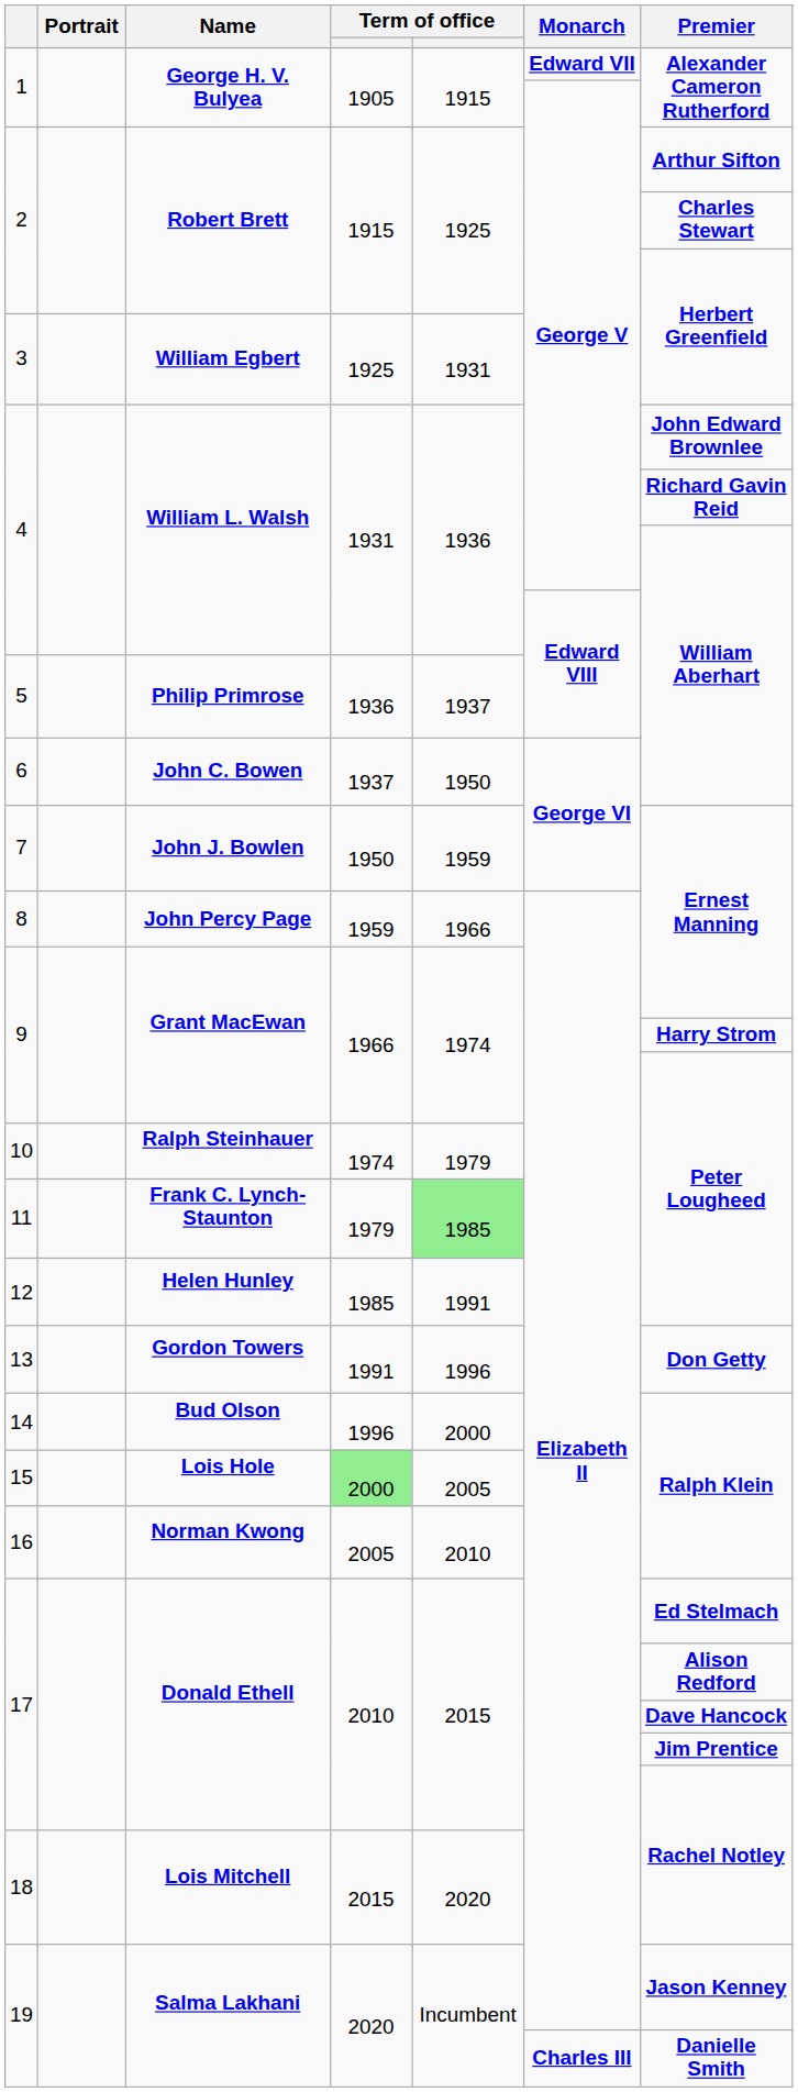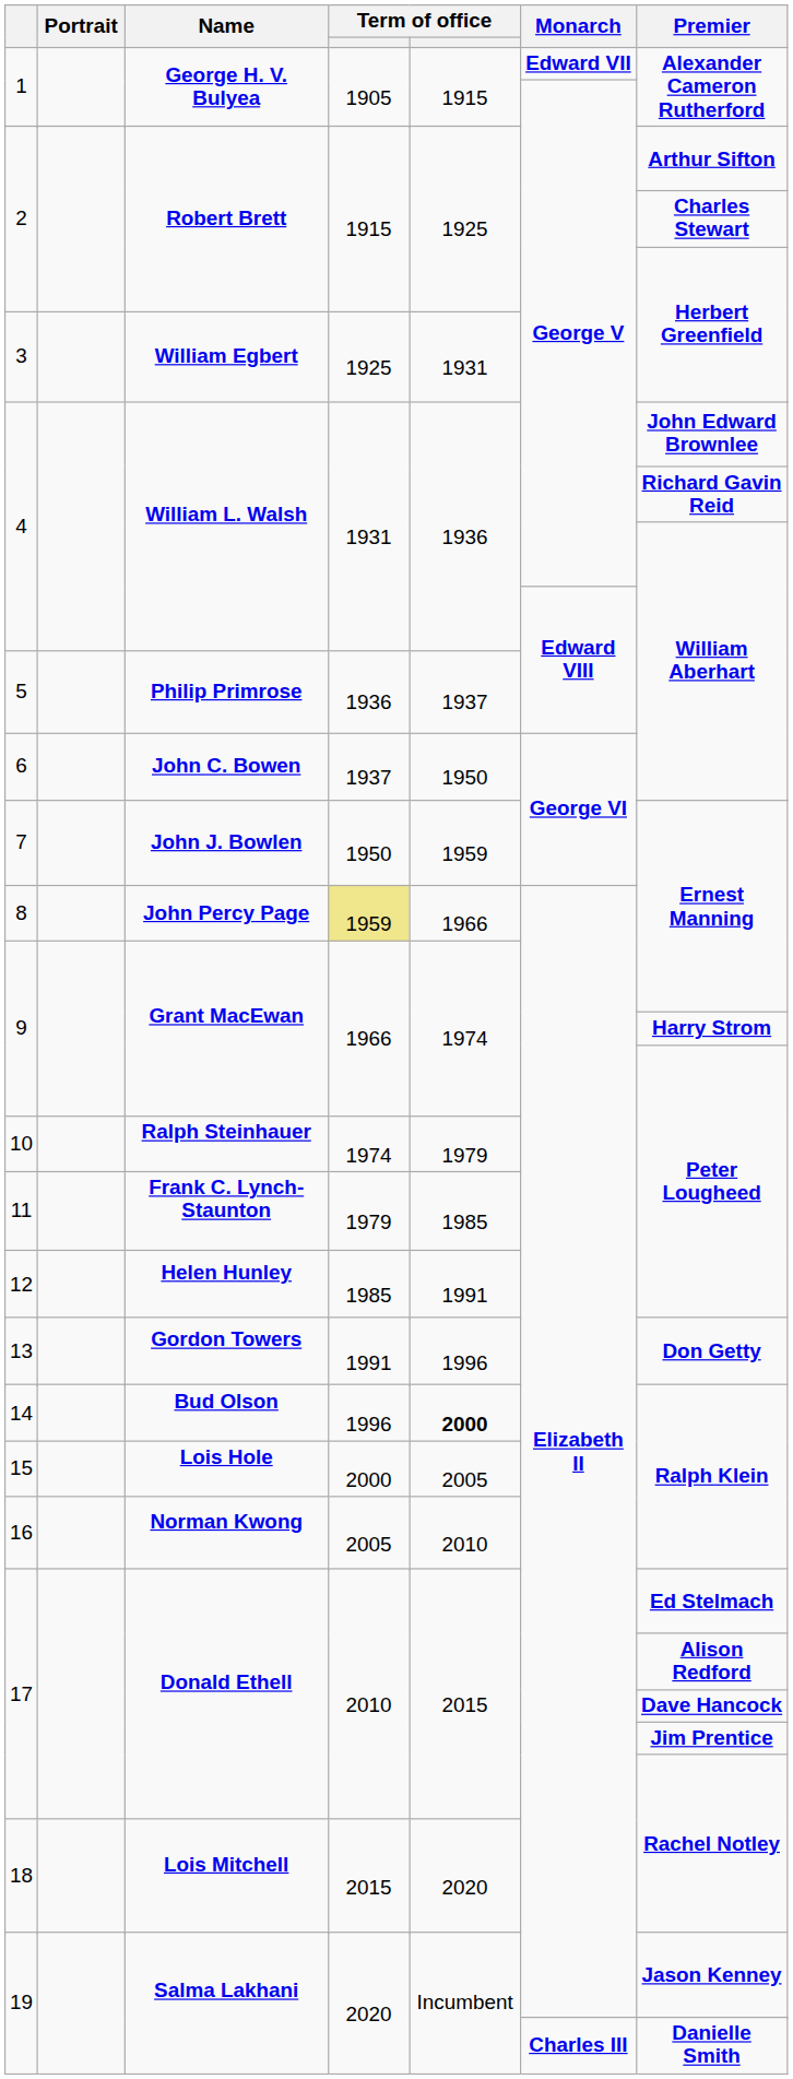 <table class="wikitable" style="text-align:center; border:1px #aaf solid;">
 <tr>
 <th rowspan="2"></th>
 <th rowspan="2" width="65">Portrait</th>
 <th rowspan="2" width="250">Name<br></th>
 <th colspan="2">Term of office</th>
 <th rowspan="2" width="100"><a href='#'>Monarch</a><br></th>
 <th rowspan="2" width="150"><a href='#'>Premier</a><br></th>
 </tr>
 <tr>
 <th width="85"></th>
 <th width="85"></th>
 </tr>
 <tr>
 <td rowspan="3">1</td>
 <td rowspan="3"></td>
 <td rowspan="3"><strong><a href='#'>George H. V. Bulyea</a></strong><br></td>
 <td rowspan="3"><br>1905</td>
 <td rowspan="3"><br>1915</td>
 <td><strong><a href='#'>Edward VII</a></strong><br></td>
 <td rowspan="2"><strong><a href='#'>Alexander Cameron Rutherford</a></strong><br></td>
 </tr>
 <tr>
 <td rowspan="10"><strong><a href='#'>George V</a></strong><br></td>
 </tr>
 <tr>
 <td rowspan="2"><strong><a href='#'>Arthur Sifton</a></strong><br></td>
 </tr>
 <tr style="height:50px;">
 <td rowspan="3">2</td>
 <td rowspan="3"></td>
 <td rowspan="3"><strong><a href='#'>Robert Brett</a></strong><br></td>
 <td rowspan="3"><br>1915</td>
 <td rowspan="3"><br>1925</td>
 </tr>
 <tr>
 <td><a href='#'><strong>Charles Stewart</strong></a><br></td>
 </tr>
 <tr style="height:50px;">
 <td rowspan="2"><strong><a href='#'>Herbert Greenfield</a></strong><br></td>
 </tr>
 <tr style="height:70px;">
 <td rowspan="2">3</td>
 <td rowspan="2"></td>
 <td rowspan="2"><strong><a href='#'>William Egbert</a></strong><br></td>
 <td rowspan="2"><br>1925</td>
 <td rowspan="2"><br>1931</td>
 </tr>
 <tr>
 <td rowspan="2"><strong><a href='#'>John Edward Brownlee</a></strong><br></td>
 </tr>
 <tr style="height:50px;">
 <td rowspan="4">4</td>
 <td rowspan="4"></td>
 <td rowspan="4"><strong><a href='#'>William L. Walsh</a></strong><br><br></td>
 <td rowspan="4"><br>1931</td>
 <td rowspan="4"><br>1936</td>
 </tr>
 <tr>
 <td><strong><a href='#'>Richard Gavin Reid</a></strong><br></td>
 </tr>
 <tr style="height:50px;">
 <td rowspan="5"><strong><a href='#'>William Aberhart</a></strong><br></td>
 </tr>
 <tr style="height:50px;">
 <td rowspan="2"><strong><a href='#'>Edward VIII</a></strong><br></td>
 </tr>
 <tr style="height:64px;">
 <td rowspan="2">5</td>
 <td rowspan="2"></td>
 <td rowspan="2"><strong><a href='#'>Philip Primrose</a></strong><br></td>
 <td rowspan="2"><br>1936</td>
 <td rowspan="2"><br>1937</td>
 </tr>
 <tr>
 <td rowspan="4"><strong><a href='#'>George VI</a></strong><br></td>
 </tr>
 <tr style="height:52px;">
 <td rowspan="2">6</td>
 <td rowspan="2"></td>
 <td rowspan="2"><strong><a href='#'>John C. Bowen</a></strong><br></td>
 <td rowspan="2"><br>1937</td>
 <td rowspan="2"><br>1950</td>
 </tr>
 <tr>
 <td rowspan="5"><strong><a href='#'>Ernest Manning</a></strong><br></td>
 </tr>
 <tr style="height:66px;">
 <td rowspan="2">7</td>
 <td rowspan="2"></td>
 <td rowspan="2"><strong><a href='#'>John J. Bowlen</a></strong><br></td>
 <td rowspan="2"><br>1950</td>
 <td rowspan="2"><br>1959</td>
 </tr>
 <tr>
 <td rowspan="23"><strong><a href='#'>Elizabeth II</a></strong><br></td>
 </tr>
 <tr>
 <td>8</td>
 <td></td>
 <td><strong><a href='#'>John Percy Page</a></strong><br></td>
-<td><br>1959</td>
+<td style="background: khaki;"><br>1959</td>
 <td><br>1966</td>
 </tr>
 <tr style="height:55px;">
 <td rowspan="3">9</td>
 <td rowspan="3"></td>
 <td rowspan="3"><strong><a href='#'>Grant MacEwan</a></strong><br><br></td>
 <td rowspan="3"><br>1966</td>
 <td rowspan="3"><br>1974</td>
 </tr>
 <tr>
 <td><strong><a href='#'>Harry Strom</a></strong><br></td>
 </tr>
 <tr style="height:55px;">
 <td rowspan="4"><strong><a href='#'>Peter Lougheed</a></strong><br></td>
 </tr>
 <tr>
 <td>10</td>
 <td></td>
 <td><strong><a href='#'>Ralph Steinhauer</a></strong><br><br></td>
 <td><br>1974</td>
 <td><br>1979</td>
 </tr>
 <tr>
 <td>11</td>
 <td></td>
 <td><strong><a href='#'>Frank C. Lynch-Staunton</a></strong><br><br></td>
 <td><br>1979</td>
-<td style="background: lightgreen;"><br>1985</td>
+<td><br>1985</td>
 </tr>
 <tr style="height:52px;">
 <td rowspan="2">12</td>
 <td rowspan="2"></td>
 <td rowspan="2"><strong><a href='#'>Helen Hunley</a></strong><br><br></td>
 <td rowspan="2"><br>1985</td>
 <td rowspan="2"><br>1991</td>
 </tr>
 <tr>
 <td rowspan="2"><strong><a href='#'>Don Getty</a></strong><br></td>
 </tr>
 <tr style="height:52px;">
 <td rowspan="2">13</td>
 <td rowspan="2"></td>
 <td rowspan="2"><strong><a href='#'>Gordon Towers</a></strong><br><br></td>
 <td rowspan="2"><br>1991</td>
 <td rowspan="2"><br>1996</td>
 </tr>
 <tr>
 <td rowspan="4"><strong><a href='#'>Ralph Klein</a></strong><br></td>
 </tr>
 <tr>
 <td>14</td>
 <td></td>
 <td><strong><a href='#'>Bud Olson</a></strong><br><br></td>
 <td><br>1996</td>
-<td><br>2000</td>
+<td><strong><br>2000</strong></td>
 </tr>
 <tr>
 <td>15</td>
 <td></td>
 <td><strong><a href='#'>Lois Hole</a></strong><br><br></td>
-<td style="background: lightgreen;"><br>2000</td>
+<td><br>2000</td>
 <td><br>2005</td>
 </tr>
 <tr style="height:56px;">
 <td rowspan="2">16</td>
 <td rowspan="2"></td>
 <td rowspan="2"><strong><a href='#'>Norman Kwong</a></strong><br><br></td>
 <td rowspan="2"><br>2005</td>
 <td rowspan="2"><br>2010</td>
 </tr>
 <tr>
 <td rowspan="2"><strong><a href='#'>Ed Stelmach</a></strong><br></td>
 </tr>
 <tr style="height:50px;">
 <td rowspan="5">17</td>
 <td rowspan="5"></td>
 <td rowspan="5"><strong><a href='#'>Donald Ethell</a></strong><br><br></td>
 <td rowspan="5"><br>2010</td>
 <td rowspan="5"><br>2015</td>
 </tr>
 <tr>
 <td><strong><a href='#'>Alison Redford</a></strong><br></td>
 </tr>
 <tr>
 <td><strong><a href='#'>Dave Hancock</a></strong><br></td>
 </tr>
 <tr>
 <td><strong><a href='#'>Jim Prentice</a></strong><br></td>
 </tr>
 <tr style="height:50px;">
 <td rowspan="2"><strong><a href='#'>Rachel Notley</a></strong><br></td>
 </tr>
 <tr style="height:88px;">
 <td rowspan="2">18</td>
 <td rowspan="2"></td>
 <td rowspan="2"><strong><a href='#'>Lois Mitchell</a></strong><br><br></td>
 <td rowspan="2"><br>2015</td>
 <td rowspan="2"><br>2020</td>
 </tr>
 <tr>
 <td rowspan="3"><strong><a href='#'>Jason Kenney</a></strong><br></td>
 </tr>
 <tr style="height:66px;">
 <td rowspan="3">19</td>
 <td rowspan="3"></td>
 <td rowspan="3"><strong><a href='#'>Salma Lakhani</a></strong><br><br></td>
 <td rowspan="3"><br>2020</td>
 <td rowspan="3">Incumbent</td>
 </tr>
 <tr>
 <td rowspan="2"><strong><a href='#'>Charles III</a></strong><br></td>
 </tr>
 <tr>
 <td><strong><a href='#'>Danielle Smith</a></strong><br></td>
 </tr>
 </table>
